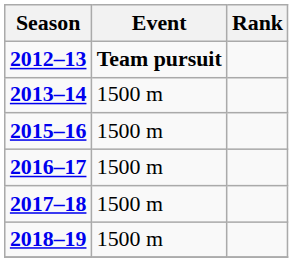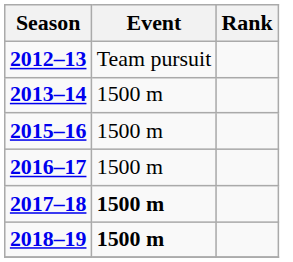 <table class="wikitable sortable" style="font-size:90%" style="text-align:center">
 <tr>
 <th>Season</th>
 <th>Event</th>
 <th>Rank</th>
 </tr>
 <tr>
 <td><strong><a href='#'>2012–13</a></strong></td>
-<td><strong>Team pursuit</strong></td>
+<td>Team pursuit</td>
 <td></td>
 </tr>
 <tr>
 <td><strong><a href='#'>2013–14</a></strong></td>
 <td>1500 m</td>
 <td></td>
 </tr>
 <tr>
 <td><strong><a href='#'>2015–16</a></strong></td>
 <td>1500 m</td>
 <td></td>
 </tr>
 <tr>
 <td><strong><a href='#'>2016–17</a></strong></td>
 <td>1500 m</td>
 <td></td>
 </tr>
 <tr>
 <td><strong><a href='#'>2017–18</a></strong></td>
-<td>1500 m</td>
+<td><strong>1500 m</strong></td>
 <td></td>
 </tr>
 <tr>
 <td><strong><a href='#'>2018–19</a></strong></td>
-<td>1500 m</td>
+<td><strong>1500 m</strong></td>
 <td></td>
 </tr>
 <tr>
 </tr>
 </table>
